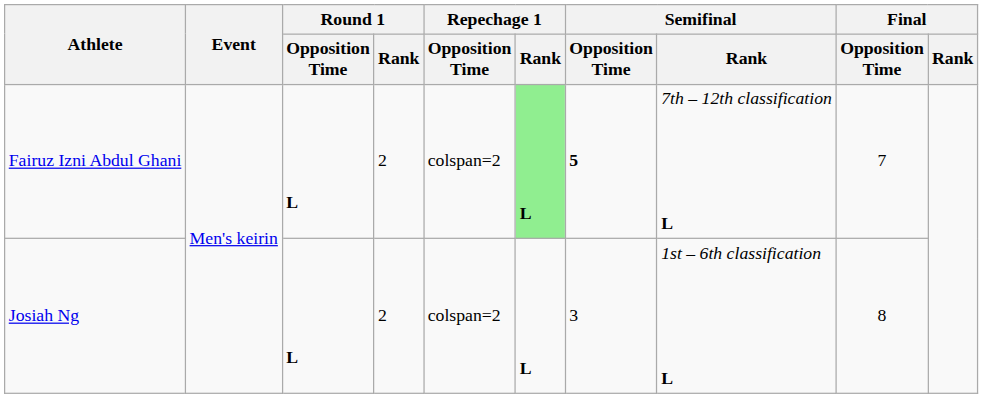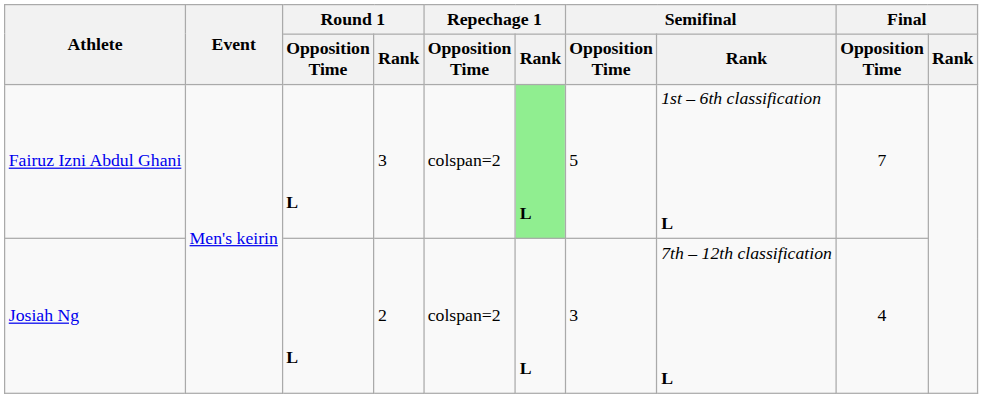 <table class=wikitable style="text-align:left; font-size:90%">
 <tr>
 <th rowspan=2>Athlete</th>
 <th rowspan=2>Event</th>
 <th colspan=2>Round 1</th>
 <th colspan=2>Repechage 1</th>
 <th colspan=2>Semifinal</th>
 <th colspan=2>Final</th>
 </tr>
 <tr>
 <th>Opposition<br>Time</th>
 <th>Rank</th>
 <th>Opposition<br>Time</th>
 <th>Rank</th>
 <th>Opposition<br>Time</th>
 <th>Rank</th>
 <th>Opposition<br>Time</th>
 <th>Rank</th>
 </tr>
 <tr>
 <td align=left><a href='#'>Fairuz Izni Abdul Ghani</a></td>
 <td align=left rowspan=2><a href='#'>Men's keirin</a></td>
 <td><br><br><br><br><strong>L</strong></td>
-<td>2 <strong></strong></td>
+<td>3 <strong></strong></td>
 <td>colspan=2 </td>
 <td style="background: lightgreen;"><br><br><br><br><br><strong>L</strong></td>
-<td><strong>5</strong></td>
-<td><em>7th – 12th classification</em><br><br><br><br><br><br><strong>L</strong></td>
+<td>5</td>
+<td><em>1st – 6th classification</em><br><br><br><br><br><br><strong>L</strong></td>
 <td align=center>7</td>
 </tr>
 <tr>
 <td align=left><a href='#'>Josiah Ng</a></td>
 <td><br><br><br><br><strong>L</strong></td>
 <td>2 <strong></strong></td>
 <td>colspan=2 </td>
 <td><br><br><br><br><br><strong>L</strong></td>
 <td>3 <strong></strong></td>
-<td><em>1st – 6th classification</em><br><br><br><br><br><br><strong>L</strong></td>
-<td align=center>8</td>
+<td><em>7th – 12th classification</em><br><br><br><br><br><br><strong>L</strong></td>
+<td align=center>4</td>
 </tr>
 </table>
